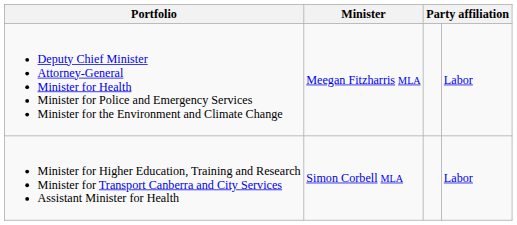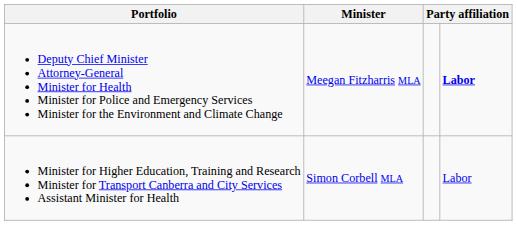 <table class="wikitable">
 <tr>
 <th>Portfolio</th>
 <th>Minister</th>
 <th colspan=2>Party affiliation</th>
 </tr>
 <tr>
 <td><br><ul><li><a href='#'>Deputy Chief Minister</a></li><li><a href='#'>Attorney-General</a></li><li><a href='#'>Minister for Health</a></li><li>Minister for Police and Emergency Services</li><li>Minister for the Environment and Climate Change</li></ul></td>
 <td><a href='#'>Meegan Fitzharris</a> <small><a href='#'>MLA</a></small></td>
 <td> </td>
-<td><a href='#'>Labor</a></td>
+<td><strong><a href='#'>Labor</a></strong></td>
 </tr>
 <tr>
 <td><br><ul><li>Minister for Higher Education, Training and Research</li><li>Minister for <a href='#'>Transport Canberra and City Services</a></li><li>Assistant Minister for Health</li></ul></td>
 <td><a href='#'>Simon Corbell</a> <small><a href='#'>MLA</a></small></td>
 <td> </td>
 <td><a href='#'>Labor</a></td>
 </tr>
 </table>
